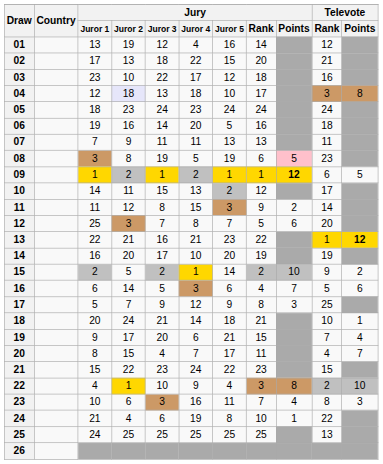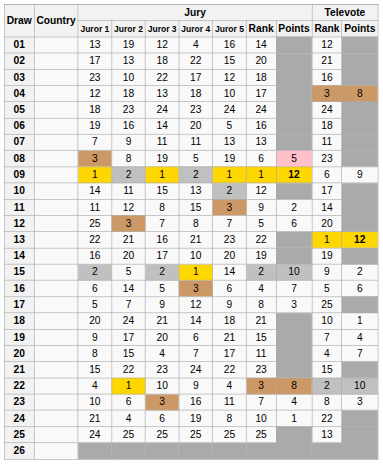 <table class="sortable wikitable collapsible plainrowheaders" style="text-align:center;">
 <tr>
 </tr>
 <tr>
 <th scope="col" rowspan="2">Draw</th>
 <th scope="col" rowspan="2">Country</th>
 <th scope="col" colspan="7">Jury</th>
 <th scope="col" colspan="2">Televote</th>
 </tr>
 <tr>
 <th scope="col"><small>Juror 1</small></th>
 <th scope="col"><small>Juror 2</small></th>
 <th scope="col"><small>Juror 3</small></th>
 <th scope="col"><small>Juror 4</small></th>
 <th scope="col"><small>Juror 5</small></th>
 <th scope="col">Rank</th>
 <th scope="col">Points</th>
 <th scope="col">Rank</th>
 <th scope="col">Points</th>
 </tr>
 <tr>
 <th scope="row" style="text-align:center;">01</th>
 <td style="text-align:left;"></td>
 <td>13</td>
 <td>19</td>
 <td>12</td>
 <td>4</td>
 <td>16</td>
 <td>14</td>
 <td style="background:#AAAAAA;"></td>
 <td>12</td>
 <td style="background:#AAAAAA;"></td>
 </tr>
 <tr>
 <th scope="row" style="text-align:center;">02</th>
 <td style="text-align:left;"></td>
 <td>17</td>
 <td>13</td>
 <td>18</td>
 <td>22</td>
 <td>15</td>
 <td>20</td>
 <td style="background:#AAAAAA;"></td>
 <td>21</td>
 <td style="background:#AAAAAA;"></td>
 </tr>
 <tr>
 <th scope="row" style="text-align:center;">03</th>
 <td style="text-align:left;"></td>
 <td>23</td>
 <td>10</td>
 <td>22</td>
 <td>17</td>
 <td>12</td>
 <td>18</td>
 <td style="background:#AAAAAA;"></td>
 <td>16</td>
 <td style="background:#AAAAAA;"></td>
 </tr>
 <tr>
 <th scope="row" style="text-align:center;">04</th>
 <td style="text-align:left;"></td>
 <td>12</td>
-<td style="background: lavender;">18</td>
+<td>18</td>
 <td>13</td>
 <td>18</td>
 <td>10</td>
 <td>17</td>
 <td style="background:#AAAAAA;"></td>
 <td style="background:#CC9966;">3</td>
 <td style="background:#CC9966;">8</td>
 </tr>
 <tr>
 <th scope="row" style="text-align:center;">05</th>
 <td style="text-align:left;"></td>
 <td>18</td>
 <td>23</td>
 <td>24</td>
 <td>23</td>
 <td>24</td>
 <td>24</td>
 <td style="background:#AAAAAA;"></td>
 <td>24</td>
 <td style="background:#AAAAAA;"></td>
 </tr>
 <tr>
 <th scope="row" style="text-align:center;">06</th>
 <td style="text-align:left;"></td>
 <td>19</td>
 <td>16</td>
 <td>14</td>
 <td>20</td>
 <td>5</td>
 <td>16</td>
 <td style="background:#AAAAAA;"></td>
 <td>18</td>
 <td style="background:#AAAAAA;"></td>
 </tr>
 <tr>
 <th scope="row" style="text-align:center;">07</th>
 <td style="text-align:left;"></td>
 <td>7</td>
 <td>9</td>
 <td>11</td>
 <td>11</td>
 <td>13</td>
 <td>13</td>
 <td style="background:#AAAAAA;"></td>
 <td>11</td>
 <td style="background:#AAAAAA;"></td>
 </tr>
 <tr>
 <th scope="row" style="text-align:center;">08</th>
 <td style="text-align:left;"></td>
 <td style="background:#CC9966;">3</td>
 <td>8</td>
 <td>19</td>
 <td>5</td>
 <td>19</td>
 <td>6</td>
 <td style="background: pink;">5</td>
 <td>23</td>
 <td style="background:#AAAAAA;"></td>
 </tr>
 <tr>
 <th scope="row" style="text-align:center;">09</th>
 <td style="text-align:left;"></td>
 <td style="background:gold;">1</td>
 <td style="background:silver;">2</td>
 <td style="background:gold;">1</td>
 <td style="background:silver;">2</td>
 <td style="background:gold;">1</td>
 <td style="background:gold;">1</td>
 <td style="background:gold;"><strong>12</strong></td>
 <td>6</td>
-<td>5</td>
+<td>9</td>
 </tr>
 <tr>
 <th scope="row" style="text-align:center;">10</th>
 <td style="text-align:left;"></td>
 <td>14</td>
 <td>11</td>
 <td>15</td>
 <td>13</td>
 <td style="background:silver;">2</td>
 <td>12</td>
 <td style="background:#AAAAAA;"></td>
 <td>17</td>
 <td style="background:#AAAAAA;"></td>
 </tr>
 <tr>
 <th scope="row" style="text-align:center;">11</th>
 <td style="text-align:left;"></td>
 <td>11</td>
 <td>12</td>
 <td>8</td>
 <td>15</td>
 <td style="background:#CC9966;">3</td>
 <td>9</td>
 <td>2</td>
 <td>14</td>
 <td style="background:#AAAAAA;"></td>
 </tr>
 <tr>
 <th scope="row" style="text-align:center;">12</th>
 <td style="text-align:left;"></td>
 <td>25</td>
 <td style="background:#CC9966;">3</td>
 <td>7</td>
 <td>8</td>
 <td>7</td>
 <td>5</td>
 <td>6</td>
 <td>20</td>
 <td style="background:#AAAAAA;"></td>
 </tr>
 <tr>
 <th scope="row" style="text-align:center;">13</th>
 <td style="text-align:left;"></td>
 <td>22</td>
 <td>21</td>
 <td>16</td>
 <td>21</td>
 <td>23</td>
 <td>22</td>
 <td style="background:#AAAAAA;"></td>
 <td style="background:gold;">1</td>
 <td style="background:gold;"><strong>12</strong></td>
 </tr>
 <tr>
 <th scope="row" style="text-align:center;">14</th>
 <td style="text-align:left;"></td>
 <td>16</td>
 <td>20</td>
 <td>17</td>
 <td>10</td>
 <td>20</td>
 <td>19</td>
 <td style="background:#AAAAAA;"></td>
 <td>19</td>
 <td style="background:#AAAAAA;"></td>
 </tr>
 <tr>
 <th scope="row" style="text-align:center;">15</th>
 <td style="text-align:left;"></td>
 <td style="background:silver;">2</td>
 <td>5</td>
 <td style="background:silver;">2</td>
 <td style="background:gold;">1</td>
 <td>14</td>
 <td style="background:silver;">2</td>
 <td style="background:silver;">10</td>
 <td>9</td>
 <td>2</td>
 </tr>
 <tr>
 <th scope="row" style="text-align:center;">16</th>
 <td style="text-align:left;"></td>
 <td>6</td>
 <td>14</td>
 <td>5</td>
 <td style="background:#CC9966;">3</td>
 <td>6</td>
 <td>4</td>
 <td>7</td>
 <td>5</td>
 <td>6</td>
 </tr>
 <tr>
 <th scope="row" style="text-align:center;">17</th>
 <td style="text-align:left;"></td>
 <td>5</td>
 <td>7</td>
 <td>9</td>
 <td>12</td>
 <td>9</td>
 <td>8</td>
 <td>3</td>
 <td>25</td>
 <td style="background:#AAAAAA;"></td>
 </tr>
 <tr>
 <th scope="row" style="text-align:center;">18</th>
 <td style="text-align:left;"></td>
 <td>20</td>
 <td>24</td>
 <td>21</td>
 <td>14</td>
 <td>18</td>
 <td>21</td>
 <td style="background:#AAAAAA;"></td>
 <td>10</td>
 <td>1</td>
 </tr>
 <tr>
 <th scope="row" style="text-align:center;">19</th>
 <td style="text-align:left;"></td>
 <td>9</td>
 <td>17</td>
 <td>20</td>
 <td>6</td>
 <td>21</td>
 <td>15</td>
 <td style="background:#AAAAAA;"></td>
 <td>7</td>
 <td>4</td>
 </tr>
 <tr>
 <th scope="row" style="text-align:center;">20</th>
 <td style="text-align:left;"></td>
 <td>8</td>
 <td>15</td>
 <td>4</td>
 <td>7</td>
 <td>17</td>
 <td>11</td>
 <td style="background:#AAAAAA;"></td>
 <td>4</td>
 <td>7</td>
 </tr>
 <tr>
 <th scope="row" style="text-align:center;">21</th>
 <td style="text-align:left;"></td>
 <td>15</td>
 <td>22</td>
 <td>23</td>
 <td>24</td>
 <td>22</td>
 <td>23</td>
 <td style="background:#AAAAAA;"></td>
 <td>15</td>
 <td style="background:#AAAAAA;"></td>
 </tr>
 <tr>
 <th scope="row" style="text-align:center;">22</th>
 <td style="text-align:left;"></td>
 <td>4</td>
 <td style="background:gold;">1</td>
 <td>10</td>
 <td>9</td>
 <td>4</td>
 <td style="background:#CC9966;">3</td>
 <td style="background:#CC9966;">8</td>
 <td style="background:silver;">2</td>
 <td style="background:silver;">10</td>
 </tr>
 <tr>
 <th scope="row" style="text-align:center;">23</th>
 <td style="text-align:left;"></td>
 <td>10</td>
 <td>6</td>
 <td style="background:#CC9966;">3</td>
 <td>16</td>
 <td>11</td>
 <td>7</td>
 <td>4</td>
 <td>8</td>
 <td>3</td>
 </tr>
 <tr>
 <th scope="row" style="text-align:center;">24</th>
 <td style="text-align:left;"></td>
 <td>21</td>
 <td>4</td>
 <td>6</td>
 <td>19</td>
 <td>8</td>
 <td>10</td>
 <td>1</td>
 <td>22</td>
 <td style="background:#AAAAAA;"></td>
 </tr>
 <tr>
 <th scope="row" style="text-align:center;">25</th>
 <td style="text-align:left;"></td>
 <td>24</td>
 <td>25</td>
 <td>25</td>
 <td>25</td>
 <td>25</td>
 <td>25</td>
 <td style="background:#AAAAAA;"></td>
 <td>13</td>
 <td style="background:#AAAAAA;"></td>
 </tr>
 <tr class="sortbottom">
 <th scope="row" style="text-align:center;">26</th>
 <td style="text-align:left;"></td>
 <td style="background:#AAAAAA;"></td>
 <td style="background:#AAAAAA;"></td>
 <td style="background:#AAAAAA;"></td>
 <td style="background:#AAAAAA;"></td>
 <td style="background:#AAAAAA;"></td>
 <td style="background:#AAAAAA;"></td>
 <td style="background:#AAAAAA;"></td>
 <td style="background:#AAAAAA;"></td>
 <td style="background:#AAAAAA;"></td>
 </tr>
 </table>
